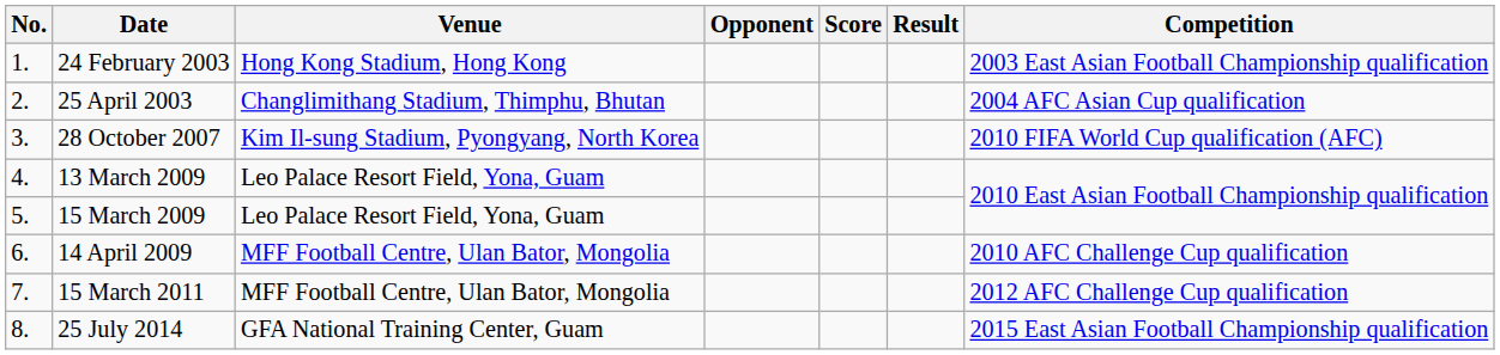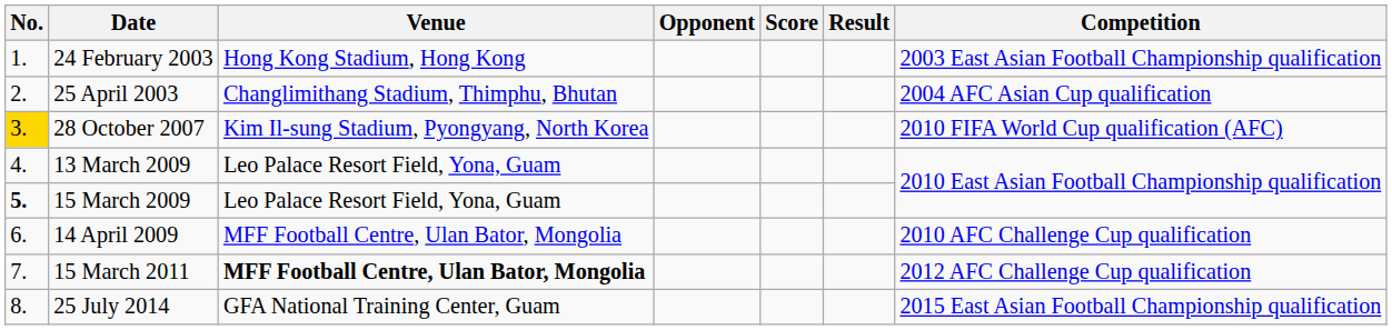 <table class="wikitable sortable">
 <tr>
 <th>No.</th>
 <th>Date</th>
 <th>Venue</th>
 <th>Opponent</th>
 <th>Score</th>
 <th>Result</th>
 <th>Competition</th>
 </tr>
 <tr>
 <td>1.</td>
 <td>24 February 2003</td>
 <td><a href='#'>Hong Kong Stadium</a>, <a href='#'>Hong Kong</a></td>
 <td></td>
 <td></td>
 <td></td>
 <td><a href='#'>2003 East Asian Football Championship qualification</a></td>
 </tr>
 <tr>
 <td>2.</td>
 <td>25 April 2003</td>
 <td><a href='#'>Changlimithang Stadium</a>, <a href='#'>Thimphu</a>, <a href='#'>Bhutan</a></td>
 <td></td>
 <td></td>
 <td></td>
 <td><a href='#'>2004 AFC Asian Cup qualification</a></td>
 </tr>
 <tr>
-<td>3.</td>
+<td style="background: gold;">3.</td>
 <td>28 October 2007</td>
 <td><a href='#'>Kim Il-sung Stadium</a>, <a href='#'>Pyongyang</a>, <a href='#'>North Korea</a></td>
 <td></td>
 <td></td>
 <td></td>
 <td><a href='#'>2010 FIFA World Cup qualification (AFC)</a></td>
 </tr>
 <tr>
 <td>4.</td>
 <td>13 March 2009</td>
 <td>Leo Palace Resort Field, <a href='#'>Yona, Guam</a></td>
 <td></td>
 <td></td>
 <td></td>
 <td rowspan=2><a href='#'>2010 East Asian Football Championship qualification</a></td>
 </tr>
 <tr>
-<td>5.</td>
+<td><strong>5.</strong></td>
 <td>15 March 2009</td>
 <td>Leo Palace Resort Field, Yona, Guam</td>
 <td></td>
 <td></td>
 <td></td>
 </tr>
 <tr>
 <td>6.</td>
 <td>14 April 2009</td>
 <td><a href='#'>MFF Football Centre</a>, <a href='#'>Ulan Bator</a>, <a href='#'>Mongolia</a></td>
 <td></td>
 <td></td>
 <td></td>
 <td><a href='#'>2010 AFC Challenge Cup qualification</a></td>
 </tr>
 <tr>
 <td>7.</td>
 <td>15 March 2011</td>
-<td>MFF Football Centre, Ulan Bator, Mongolia</td>
+<td><strong>MFF Football Centre, Ulan Bator, Mongolia</strong></td>
 <td></td>
 <td></td>
 <td></td>
 <td><a href='#'>2012 AFC Challenge Cup qualification</a></td>
 </tr>
 <tr>
 <td>8.</td>
 <td>25 July 2014</td>
 <td>GFA National Training Center, Guam</td>
 <td></td>
 <td></td>
 <td></td>
 <td><a href='#'>2015 East Asian Football Championship qualification</a></td>
 </tr>
 </table>
